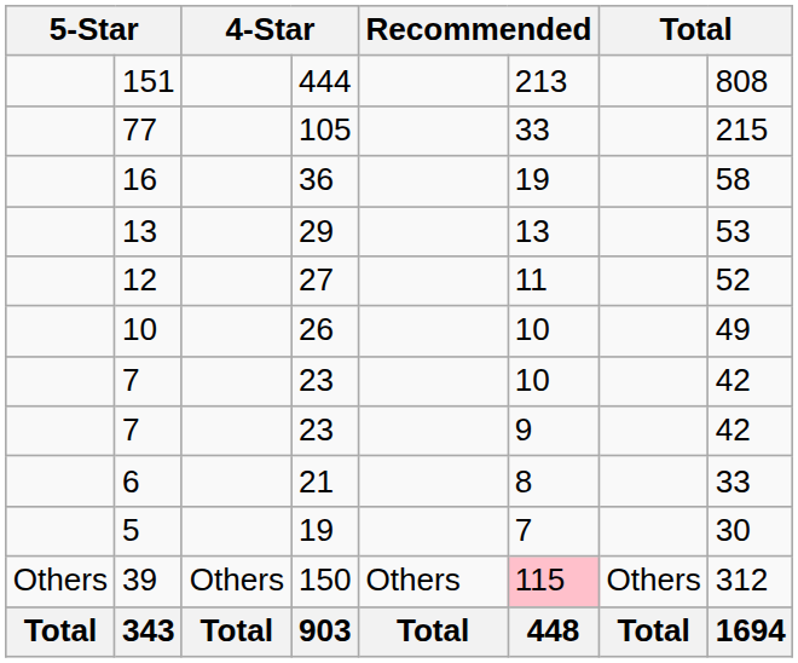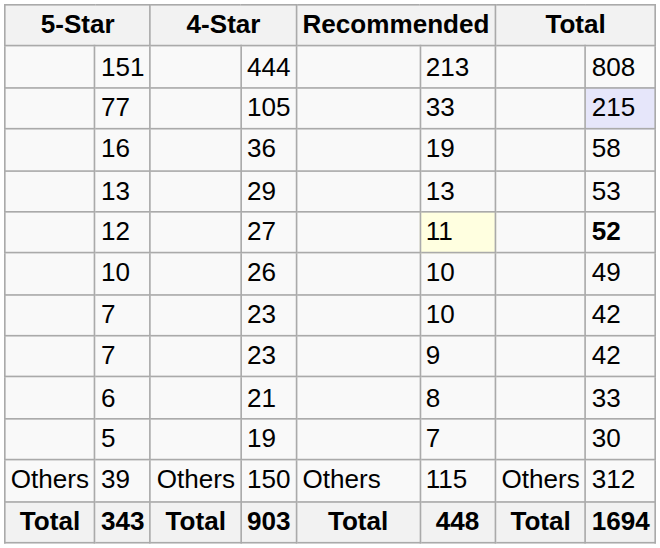 <table class="wikitable">
 <tr>
 <th colspan="2">5-Star</th>
 <th colspan="2">4-Star</th>
 <th colspan="2">Recommended</th>
 <th colspan="2">Total</th>
 </tr>
 <tr>
 <td></td>
 <td>151</td>
 <td></td>
 <td>444</td>
 <td></td>
 <td>213</td>
 <td></td>
 <td>808</td>
 </tr>
 <tr>
 <td></td>
 <td>77</td>
 <td></td>
 <td>105</td>
 <td></td>
 <td>33</td>
 <td></td>
-<td>215</td>
+<td style="background: lavender;">215</td>
 </tr>
 <tr>
 <td></td>
 <td>16</td>
 <td></td>
 <td>36</td>
 <td></td>
 <td>19</td>
 <td></td>
 <td>58</td>
 </tr>
 <tr>
 <td></td>
 <td>13</td>
 <td></td>
 <td>29</td>
 <td></td>
 <td>13</td>
 <td></td>
 <td>53</td>
 </tr>
 <tr>
 <td></td>
 <td>12</td>
 <td></td>
 <td>27</td>
 <td></td>
-<td>11</td>
+<td style="background: lightyellow;">11</td>
 <td></td>
-<td>52</td>
+<td><strong>52</strong></td>
 </tr>
 <tr>
 <td></td>
 <td>10</td>
 <td></td>
 <td>26</td>
 <td></td>
 <td>10</td>
 <td></td>
 <td>49</td>
 </tr>
 <tr>
 <td></td>
 <td>7</td>
 <td></td>
 <td>23</td>
 <td></td>
 <td>10</td>
 <td></td>
 <td>42</td>
 </tr>
 <tr>
 <td></td>
 <td>7</td>
 <td></td>
 <td>23</td>
 <td></td>
 <td>9</td>
 <td></td>
 <td>42</td>
 </tr>
 <tr>
 <td></td>
 <td>6</td>
 <td></td>
 <td>21</td>
 <td></td>
 <td>8</td>
 <td></td>
 <td>33</td>
 </tr>
 <tr>
 <td></td>
 <td>5</td>
 <td></td>
 <td>19</td>
 <td></td>
 <td>7</td>
 <td></td>
 <td>30</td>
 </tr>
 <tr>
 <td>Others</td>
 <td>39</td>
 <td>Others</td>
 <td>150</td>
 <td>Others</td>
-<td style="background: pink;">115</td>
+<td>115</td>
 <td>Others</td>
 <td>312</td>
 </tr>
 <tr>
 <th>Total</th>
 <th>343</th>
 <th>Total</th>
 <th>903</th>
 <th>Total</th>
 <th>448</th>
 <th>Total</th>
 <th>1694</th>
 </tr>
 </table>
